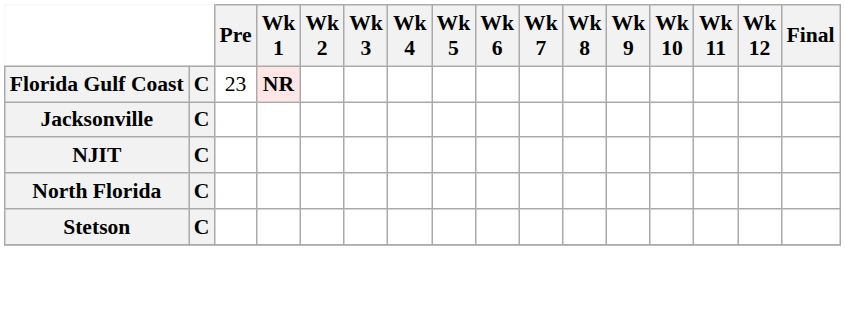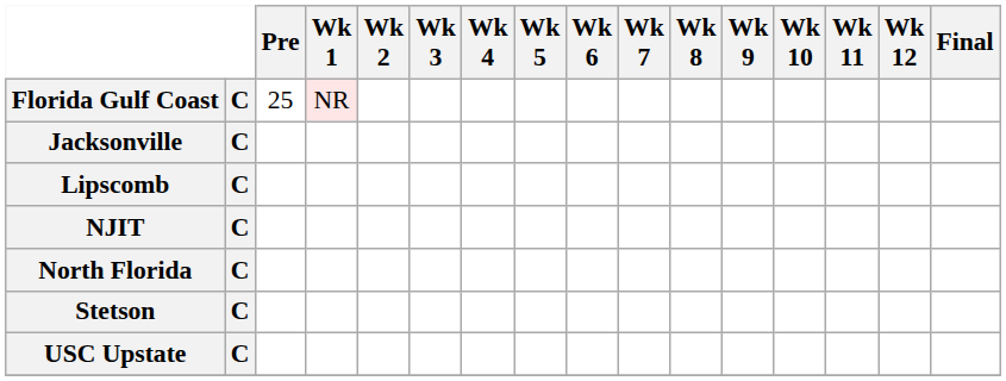 <table class="wikitable" style="white-space:nowrap;font-size:90%;">
 <tr>
 <th colspan=2 style="background:white; border-top-style:hidden; border-left-style:hidden;"> </th>
 <th>Pre</th>
 <th>Wk<br>1</th>
 <th>Wk<br>2</th>
 <th>Wk<br>3</th>
 <th>Wk<br>4</th>
 <th>Wk<br>5</th>
 <th>Wk<br>6</th>
 <th>Wk<br>7</th>
 <th>Wk<br>8</th>
 <th>Wk<br>9</th>
 <th>Wk<br>10</th>
 <th>Wk<br>11</th>
 <th>Wk<br>12</th>
 <th>Final</th>
 </tr>
 <tr style="text-align:center;">
 <th>Florida Gulf Coast</th>
 <th>C</th>
-<td style="background:#FFF;"> 23</td>
-<td style="background:#FFE6E6;"><strong> NR</strong></td>
+<td style="background:#FFF;"> 25</td>
+<td style="background:#FFE6E6;"> NR</td>
 <td style="background:#FFF;"></td>
 <td style="background:#FFF;"></td>
 <td style="background:#FFF;"></td>
 <td style="background:#FFF;"></td>
 <td style="background:#FFF;"></td>
 <td style="background:#FFF;"></td>
 <td style="background:#FFF;"></td>
 <td style="background:#FFF;"></td>
 <td style="background:#FFF;"></td>
 <td style="background:#FFF;"></td>
 <td style="background:#FFF;"></td>
 <td style="background:#FFF;"></td>
 </tr>
 <tr style="text-align:center;">
 <th>Jacksonville</th>
+<th>C</th>
+<td style="background:#FFF;"></td>
+<td style="background:#FFF;"></td>
+<td style="background:#FFF;"></td>
+<td style="background:#FFF;"></td>
+<td style="background:#FFF;"></td>
+<td style="background:#FFF;"></td>
+<td style="background:#FFF;"></td>
+<td style="background:#FFF;"></td>
+<td style="background:#FFF;"></td>
+<td style="background:#FFF;"></td>
+<td style="background:#FFF;"></td>
+<td style="background:#FFF;"></td>
+<td style="background:#FFF;"></td>
+<td style="background:#FFF;"></td>
+</tr>
+<tr style="text-align:center;">
+<th>Lipscomb</th>
 <th>C</th>
 <td style="background:#FFF;"></td>
 <td style="background:#FFF;"></td>
 <td style="background:#FFF;"></td>
 <td style="background:#FFF;"></td>
 <td style="background:#FFF;"></td>
 <td style="background:#FFF;"></td>
 <td style="background:#FFF;"></td>
 <td style="background:#FFF;"></td>
 <td style="background:#FFF;"></td>
 <td style="background:#FFF;"></td>
 <td style="background:#FFF;"></td>
 <td style="background:#FFF;"></td>
 <td style="background:#FFF;"></td>
 <td style="background:#FFF;"></td>
 </tr>
 <tr style="text-align:center;">
 <th>NJIT</th>
 <th>C</th>
 <td style="background:#FFF;"></td>
 <td style="background:#FFF;"></td>
 <td style="background:#FFF;"></td>
 <td style="background:#FFF;"></td>
 <td style="background:#FFF;"></td>
 <td style="background:#FFF;"></td>
 <td style="background:#FFF;"></td>
 <td style="background:#FFF;"></td>
 <td style="background:#FFF;"></td>
 <td style="background:#FFF;"></td>
 <td style="background:#FFF;"></td>
 <td style="background:#FFF;"></td>
 <td style="background:#FFF;"></td>
 <td style="background:#FFF;"></td>
 </tr>
 <tr style="text-align:center;">
 <th>North Florida</th>
 <th>C</th>
 <td style="background:#FFF;"></td>
 <td style="background:#FFF;"></td>
 <td style="background:#FFF;"></td>
 <td style="background:#FFF;"></td>
 <td style="background:#FFF;"></td>
 <td style="background:#FFF;"></td>
 <td style="background:#FFF;"></td>
 <td style="background:#FFF;"></td>
 <td style="background:#FFF;"></td>
 <td style="background:#FFF;"></td>
 <td style="background:#FFF;"></td>
 <td style="background:#FFF;"></td>
 <td style="background:#FFF;"></td>
 <td style="background:#FFF;"></td>
 </tr>
 <tr style="text-align:center;">
 <th>Stetson</th>
 <th>C</th>
 <td style="background:#FFF;"></td>
 <td style="background:#FFF;"></td>
 <td style="background:#FFF;"></td>
 <td style="background:#FFF;"></td>
 <td style="background:#FFF;"></td>
 <td style="background:#FFF;"></td>
 <td style="background:#FFF;"></td>
 <td style="background:#FFF;"></td>
 <td style="background:#FFF;"></td>
 <td style="background:#FFF;"></td>
 <td style="background:#FFF;"></td>
 <td style="background:#FFF;"></td>
 <td style="background:#FFF;"></td>
 <td style="background:#FFF;"></td>
 </tr>
 <tr style="text-align:center;">
+<th>USC Upstate</th>
+<th>C</th>
+<td style="background:#FFF;"></td>
+<td style="background:#FFF;"></td>
+<td style="background:#FFF;"></td>
+<td style="background:#FFF;"></td>
+<td style="background:#FFF;"></td>
+<td style="background:#FFF;"></td>
+<td style="background:#FFF;"></td>
+<td style="background:#FFF;"></td>
+<td style="background:#FFF;"></td>
+<td style="background:#FFF;"></td>
+<td style="background:#FFF;"></td>
+<td style="background:#FFF;"></td>
+<td style="background:#FFF;"></td>
+<td style="background:#FFF;"></td>
+</tr>
+<tr style="text-align:center;">
 </tr>
 </table>
